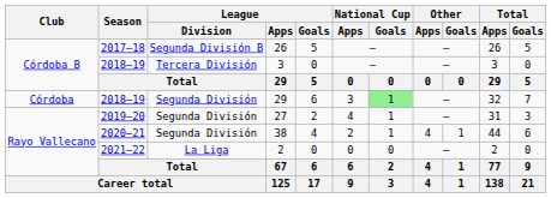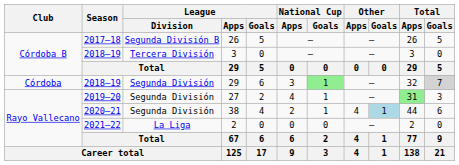 <table class="wikitable" style="text-align:center">
 <tr>
 <th rowspan="2">Club</th>
 <th rowspan="2">Season</th>
 <th colspan="3">League</th>
 <th colspan="2">National Cup</th>
 <th colspan="2">Other</th>
 <th colspan="2">Total</th>
 </tr>
 <tr>
 <th>Division</th>
 <th>Apps</th>
 <th>Goals</th>
 <th>Apps</th>
 <th>Goals</th>
 <th>Apps</th>
 <th>Goals</th>
 <th>Apps</th>
 <th>Goals</th>
 </tr>
 <tr>
 <td rowspan="3"><a href='#'>Córdoba B</a></td>
 <td><a href='#'>2017–18</a></td>
 <td><a href='#'>Segunda División B</a></td>
 <td>26</td>
 <td>5</td>
 <td colspan="2">—</td>
 <td colspan="2">—</td>
 <td>26</td>
 <td>5</td>
 </tr>
 <tr>
 <td><a href='#'>2018–19</a></td>
 <td><a href='#'>Tercera División</a></td>
 <td>3</td>
 <td>0</td>
 <td colspan="2">—</td>
 <td colspan="2">—</td>
 <td>3</td>
 <td>0</td>
 </tr>
 <tr>
 <th colspan="2">Total</th>
 <th>29</th>
 <th>5</th>
 <th>0</th>
 <th>0</th>
 <th>0</th>
 <th>0</th>
 <th>29</th>
 <th>5</th>
 </tr>
 <tr>
 <td><a href='#'>Córdoba</a></td>
 <td><a href='#'>2018–19</a></td>
 <td><a href='#'>Segunda División</a></td>
 <td>29</td>
 <td>6</td>
 <td>3</td>
 <td style="background: lightgreen;">1</td>
 <td colspan="2">—</td>
 <td>32</td>
-<td>7</td>
+<td style="background: lightgrey;">7</td>
 </tr>
 <tr>
 <td rowspan="4"><a href='#'>Rayo Vallecano</a></td>
 <td><a href='#'>2019–20</a></td>
 <td>Segunda División</td>
 <td>27</td>
 <td>2</td>
 <td>4</td>
 <td>1</td>
 <td colspan="2">—</td>
-<td>31</td>
+<td style="background: lightgreen;">31</td>
 <td>3</td>
 </tr>
 <tr>
 <td><a href='#'>2020–21</a></td>
 <td>Segunda División</td>
 <td>38</td>
 <td>4</td>
 <td>2</td>
 <td>1</td>
 <td>4</td>
-<td>1</td>
+<td style="background: lightblue;">1</td>
 <td>44</td>
 <td>6</td>
 </tr>
 <tr>
 <td><a href='#'>2021–22</a></td>
 <td><a href='#'>La Liga</a></td>
 <td>2</td>
 <td>0</td>
 <td>0</td>
 <td>0</td>
 <td colspan="2">—</td>
 <td>2</td>
 <td>0</td>
 </tr>
 <tr>
 <th colspan="2">Total</th>
 <th>67</th>
 <th>6</th>
 <th>6</th>
 <th>2</th>
 <th>4</th>
 <th>1</th>
 <th>77</th>
 <th>9</th>
 </tr>
 <tr>
 <th colspan="3">Career total</th>
 <th>125</th>
 <th>17</th>
 <th>9</th>
 <th>3</th>
 <th>4</th>
 <th>1</th>
 <th>138</th>
 <th>21</th>
 </tr>
 </table>
